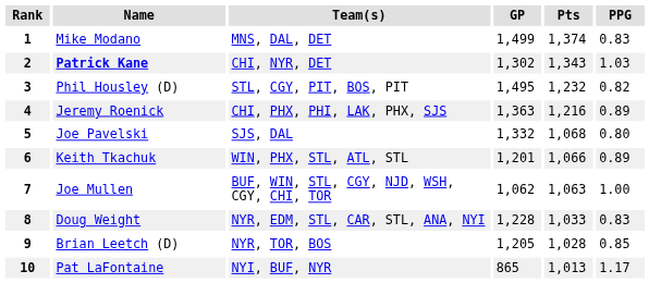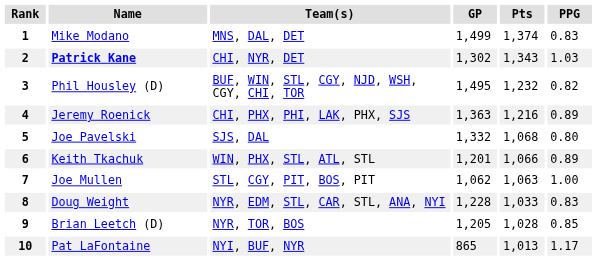 <table id="Table3" cellspacing="3" cellpadding="3" style="font-size:95%;">
 <tr style="text-align:center; background:#e0e0e0">
 <th style="width:3em;">Rank</th>
 <th style="width:13em;">Name</th>
 <th style="width:20em;">Team(s)</th>
 <th style="width:3.3em;">GP</th>
 <th style="width:3.3em;">Pts</th>
 <th style="width:3.3em;">PPG</th>
 </tr>
 <tr>
 <th>1</th>
 <td><a href='#'>Mike Modano</a></td>
 <td><a href='#'>MNS</a>, <a href='#'>DAL</a>, <a href='#'>DET</a></td>
 <td>1,499</td>
 <td>1,374</td>
 <td>0.83</td>
 </tr>
 <tr style="background:#f0f0f0;">
 <th>2</th>
 <td><strong><a href='#'>Patrick Kane</a></strong></td>
 <td><a href='#'>CHI</a>, <a href='#'>NYR</a>, <a href='#'>DET</a></td>
 <td>1,302</td>
 <td>1,343</td>
 <td>1.03</td>
 </tr>
 <tr>
 <th>3</th>
 <td><a href='#'>Phil Housley</a> (D)</td>
-<td><a href='#'>STL</a>, <a href='#'>CGY</a>, <a href='#'>PIT</a>, <a href='#'>BOS</a>, PIT</td>
+<td><a href='#'>BUF</a>, <a href='#'>WIN</a>, <a href='#'>STL</a>, <a href='#'>CGY</a>, <a href='#'>NJD</a>, <a href='#'>WSH</a>, CGY, <a href='#'>CHI</a>, <a href='#'>TOR</a></td>
 <td>1,495</td>
 <td>1,232</td>
 <td>0.82</td>
 </tr>
 <tr style="background:#f0f0f0;">
 <th>4</th>
 <td><a href='#'>Jeremy Roenick</a></td>
 <td><a href='#'>CHI</a>, <a href='#'>PHX</a>, <a href='#'>PHI</a>, <a href='#'>LAK</a>, PHX, <a href='#'>SJS</a></td>
 <td>1,363</td>
 <td>1,216</td>
 <td>0.89</td>
 </tr>
 <tr>
 <th>5</th>
 <td><a href='#'>Joe Pavelski</a></td>
 <td><a href='#'>SJS</a>, <a href='#'>DAL</a></td>
 <td>1,332</td>
 <td>1,068</td>
 <td>0.80</td>
 </tr>
 <tr style="background:#f0f0f0;">
 <th>6</th>
 <td><a href='#'>Keith Tkachuk</a></td>
 <td><a href='#'>WIN</a>, <a href='#'>PHX</a>, <a href='#'>STL</a>, <a href='#'>ATL</a>, STL</td>
 <td>1,201</td>
 <td>1,066</td>
 <td>0.89</td>
 </tr>
 <tr>
 <th>7</th>
 <td><a href='#'>Joe Mullen</a></td>
-<td><a href='#'>BUF</a>, <a href='#'>WIN</a>, <a href='#'>STL</a>, <a href='#'>CGY</a>, <a href='#'>NJD</a>, <a href='#'>WSH</a>, CGY, <a href='#'>CHI</a>, <a href='#'>TOR</a></td>
+<td><a href='#'>STL</a>, <a href='#'>CGY</a>, <a href='#'>PIT</a>, <a href='#'>BOS</a>, PIT</td>
 <td>1,062</td>
 <td>1,063</td>
 <td>1.00</td>
 </tr>
 <tr style="background:#f0f0f0;">
 <th>8</th>
 <td><a href='#'>Doug Weight</a></td>
 <td><a href='#'>NYR</a>, <a href='#'>EDM</a>, <a href='#'>STL</a>, <a href='#'>CAR</a>, STL, <a href='#'>ANA</a>, <a href='#'>NYI</a></td>
 <td>1,228</td>
 <td>1,033</td>
 <td>0.83</td>
 </tr>
 <tr>
 <th>9</th>
 <td><a href='#'>Brian Leetch</a> (D)</td>
 <td><a href='#'>NYR</a>, <a href='#'>TOR</a>, <a href='#'>BOS</a></td>
 <td>1,205</td>
 <td>1,028</td>
 <td>0.85</td>
 </tr>
 <tr style="background:#f0f0f0">
 <th>10</th>
 <td><a href='#'>Pat LaFontaine</a></td>
 <td><a href='#'>NYI</a>, <a href='#'>BUF</a>, <a href='#'>NYR</a></td>
 <td>865</td>
 <td>1,013</td>
 <td>1.17</td>
 </tr>
 </table>
